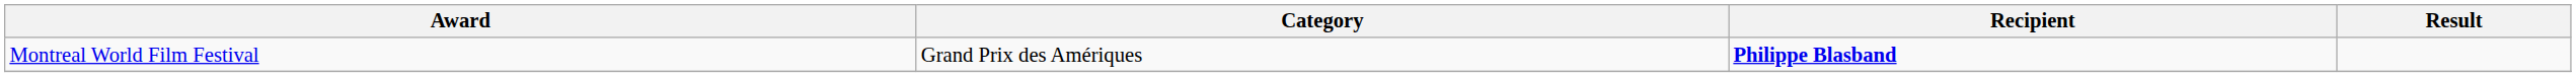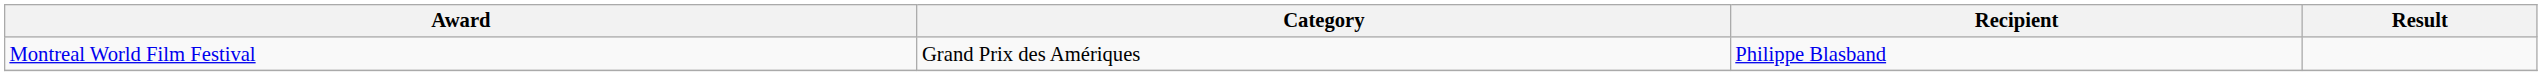 <table class="wikitable" style="width:99%;">
 <tr>
 <th>Award</th>
 <th>Category</th>
 <th>Recipient</th>
 <th>Result</th>
 </tr>
 <tr>
 <td><a href='#'>Montreal World Film Festival</a></td>
 <td>Grand Prix des Amériques</td>
-<td><strong><a href='#'>Philippe Blasband</a></strong></td>
+<td><a href='#'>Philippe Blasband</a></td>
 <td></td>
 </tr>
 <tr>
 </tr>
 </table>
